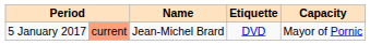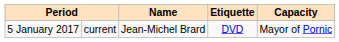 <table class="wikitable" align="center" style="margin-left: auto; margin-right: auto;">
 <tr>
 <th style="background:#ffe2bf" colspan="2">Period</th>
 <th style="background:#ffe2bf">Name</th>
 <th style="background:#ffe2bf">Etiquette</th>
 <th style="background:#ffe2bf">Capacity</th>
 </tr>
 <tr>
 <td align="center">5 January 2017</td>
-<td align="center" style="background: lightsalmon;">current</td>
+<td align="center">current</td>
 <td>Jean-Michel Brard</td>
 <td align="center" style="background: "><a href='#'>DVD</a></td>
 <td>Mayor of <a href='#'>Pornic</a></td>
 </tr>
 </table>
